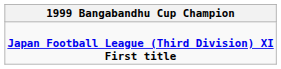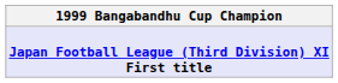 <table class="wikitable" style="text-align: center; margin: 0 auto;">
 <tr>
 <th colspan=2>1999 Bangabandhu Cup Champion</th>
 </tr>
 <tr>
-<td><br><strong><a href='#'>Japan Football League (Third Division) XI</a></strong><br><strong>First title</strong></td>
+<td style="background: lavender;"><br><strong><a href='#'>Japan Football League (Third Division) XI</a></strong><br><strong>First title</strong></td>
 </tr>
 </table>
